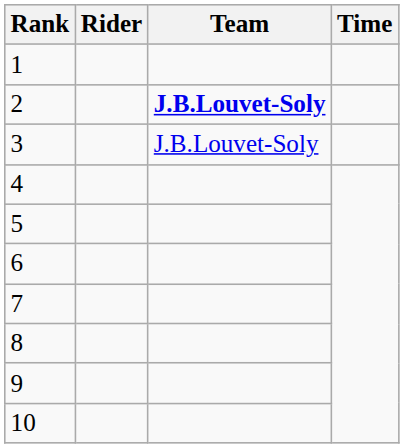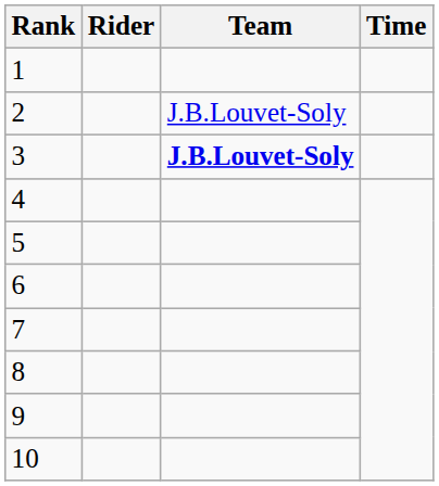 <table class="wikitable">
 <tr>
 <th scope="col">Rank</th>
 <th scope="col">Rider</th>
 <th scope="col">Team</th>
 <th scope="col">Time</th>
 </tr>
 <tr>
 <td>1</td>
 <td></td>
 <td></td>
 </tr>
 <tr>
 <td>2</td>
 <td></td>
-<td><strong><a href='#'>J.B.Louvet-Soly</a></strong></td>
+<td><a href='#'>J.B.Louvet-Soly</a></td>
 <td></td>
 </tr>
 <tr>
 <td>3</td>
 <td></td>
-<td><a href='#'>J.B.Louvet-Soly</a></td>
+<td><strong><a href='#'>J.B.Louvet-Soly</a></strong></td>
 <td></td>
 </tr>
 <tr>
 <td>4</td>
 <td></td>
 <td></td>
 </tr>
 <tr>
 <td>5</td>
 <td></td>
 <td></td>
 </tr>
 <tr>
 <td>6</td>
 <td></td>
 <td></td>
 </tr>
 <tr>
 <td>7</td>
 <td></td>
 <td></td>
 </tr>
 <tr>
 <td>8</td>
 <td></td>
 <td></td>
 </tr>
 <tr>
 <td>9</td>
 <td></td>
 <td></td>
 </tr>
 <tr>
 <td>10</td>
 <td></td>
 <td></td>
 </tr>
 </table>
